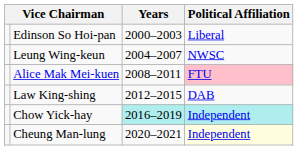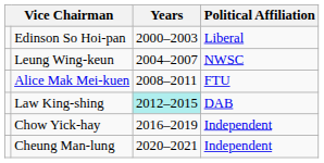 <table class="wikitable">
 <tr>
 <th colspan=2>Vice Chairman</th>
 <th>Years</th>
 <th>Political Affiliation</th>
 </tr>
 <tr>
 <td style="color:inherit;background: "></td>
 <td>Edinson So Hoi-pan</td>
 <td>2000–2003</td>
 <td><a href='#'>Liberal</a></td>
 </tr>
 <tr>
 <td style="color:inherit;background: "></td>
 <td>Leung Wing-keun</td>
 <td>2004–2007</td>
 <td><a href='#'>NWSC</a></td>
 </tr>
 <tr>
 <td style="color:inherit;background: "></td>
 <td><a href='#'>Alice Mak Mei-kuen</a></td>
 <td>2008–2011</td>
-<td style="background: pink;"><a href='#'>FTU</a></td>
+<td><a href='#'>FTU</a></td>
 </tr>
 <tr>
 <td style="color:inherit;background: "></td>
 <td>Law King-shing</td>
-<td>2012–2015</td>
+<td style="background: paleturquoise;">2012–2015</td>
 <td><a href='#'>DAB</a></td>
 </tr>
 <tr>
 <td style="color:inherit;background:"></td>
 <td>Chow Yick-hay</td>
-<td style="background: paleturquoise;">2016–2019</td>
-<td style="background: paleturquoise;"><a href='#'>Independent</a></td>
+<td>2016–2019</td>
+<td><a href='#'>Independent</a></td>
 </tr>
 <tr>
 <td style="color:inherit;background:"></td>
 <td>Cheung Man-lung</td>
 <td>2020–2021</td>
-<td style="background: lightyellow;"><a href='#'>Independent</a></td>
+<td><a href='#'>Independent</a></td>
 </tr>
 </table>
